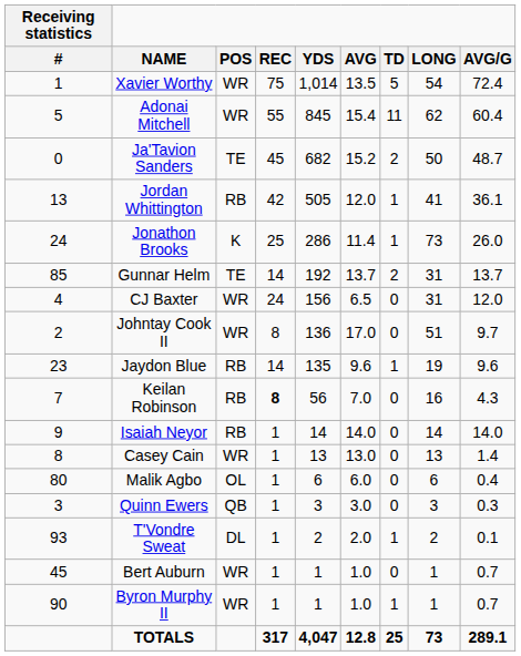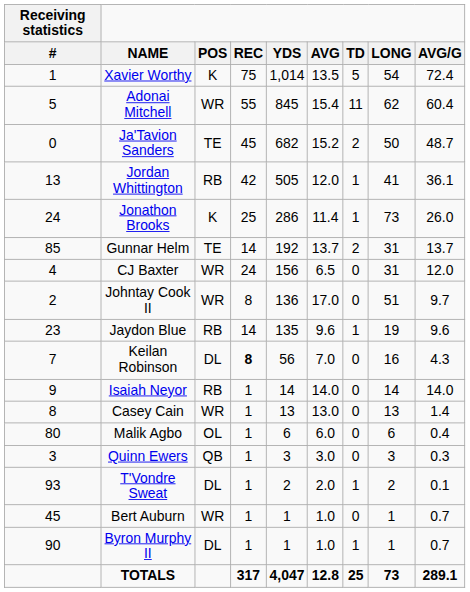 <table style="width:60%; text-align:center;" class="wikitable collapsible collapsed">
 <tr>
 <th style="text-align:center; ">Receiving statistics</th>
 </tr>
 <tr>
 <th>#</th>
 <th>NAME</th>
 <th>POS</th>
 <th>REC</th>
 <th>YDS</th>
 <th>AVG</th>
 <th>TD</th>
 <th>LONG</th>
 <th>AVG/G</th>
 </tr>
 <tr>
 <td>1</td>
 <td><a href='#'>Xavier Worthy</a></td>
-<td>WR</td>
+<td>K</td>
 <td>75</td>
 <td>1,014</td>
 <td>13.5</td>
 <td>5</td>
 <td>54</td>
 <td>72.4</td>
 </tr>
 <tr>
 <td>5</td>
 <td><a href='#'>Adonai Mitchell</a></td>
 <td>WR</td>
 <td>55</td>
 <td>845</td>
 <td>15.4</td>
 <td>11</td>
 <td>62</td>
 <td>60.4</td>
 </tr>
 <tr>
 <td>0</td>
 <td><a href='#'>Ja'Tavion Sanders</a></td>
 <td>TE</td>
 <td>45</td>
 <td>682</td>
 <td>15.2</td>
 <td>2</td>
 <td>50</td>
 <td>48.7</td>
 </tr>
 <tr>
 <td>13</td>
 <td><a href='#'>Jordan Whittington</a></td>
 <td>RB</td>
 <td>42</td>
 <td>505</td>
 <td>12.0</td>
 <td>1</td>
 <td>41</td>
 <td>36.1</td>
 </tr>
 <tr>
 <td>24</td>
 <td><a href='#'>Jonathon Brooks</a></td>
 <td>K</td>
 <td>25</td>
 <td>286</td>
 <td>11.4</td>
 <td>1</td>
 <td>73</td>
 <td>26.0</td>
 </tr>
 <tr>
 <td>85</td>
 <td>Gunnar Helm</td>
 <td>TE</td>
 <td>14</td>
 <td>192</td>
 <td>13.7</td>
 <td>2</td>
 <td>31</td>
 <td>13.7</td>
 </tr>
 <tr>
 <td>4</td>
 <td>CJ Baxter</td>
 <td>WR</td>
 <td>24</td>
 <td>156</td>
 <td>6.5</td>
 <td>0</td>
 <td>31</td>
 <td>12.0</td>
 </tr>
 <tr>
 <td>2</td>
 <td>Johntay Cook II</td>
 <td>WR</td>
 <td>8</td>
 <td>136</td>
 <td>17.0</td>
 <td>0</td>
 <td>51</td>
 <td>9.7</td>
 </tr>
 <tr>
 <td>23</td>
 <td>Jaydon Blue</td>
 <td>RB</td>
 <td>14</td>
 <td>135</td>
 <td>9.6</td>
 <td>1</td>
 <td>19</td>
 <td>9.6</td>
 </tr>
 <tr>
 <td>7</td>
 <td>Keilan Robinson</td>
-<td>RB</td>
+<td>DL</td>
 <td><strong>8</strong></td>
 <td>56</td>
 <td>7.0</td>
 <td>0</td>
 <td>16</td>
 <td>4.3</td>
 </tr>
 <tr>
 <td>9</td>
 <td><a href='#'>Isaiah Neyor</a></td>
 <td>RB</td>
 <td>1</td>
 <td>14</td>
 <td>14.0</td>
 <td>0</td>
 <td>14</td>
 <td>14.0</td>
 </tr>
 <tr>
 <td>8</td>
 <td>Casey Cain</td>
 <td>WR</td>
 <td>1</td>
 <td>13</td>
 <td>13.0</td>
 <td>0</td>
 <td>13</td>
 <td>1.4</td>
 </tr>
 <tr>
 <td>80</td>
 <td>Malik Agbo</td>
 <td>OL</td>
 <td>1</td>
 <td>6</td>
 <td>6.0</td>
 <td>0</td>
 <td>6</td>
 <td>0.4</td>
 </tr>
 <tr>
 <td>3</td>
 <td><a href='#'>Quinn Ewers</a></td>
 <td>QB</td>
 <td>1</td>
 <td>3</td>
 <td>3.0</td>
 <td>0</td>
 <td>3</td>
 <td>0.3</td>
 </tr>
 <tr>
 <td>93</td>
 <td><a href='#'>T'Vondre Sweat</a></td>
 <td>DL</td>
 <td>1</td>
 <td>2</td>
 <td>2.0</td>
 <td>1</td>
 <td>2</td>
 <td>0.1</td>
 </tr>
 <tr>
 <td>45</td>
 <td>Bert Auburn</td>
 <td>WR</td>
 <td>1</td>
 <td>1</td>
 <td>1.0</td>
 <td>0</td>
 <td>1</td>
 <td>0.7</td>
 </tr>
 <tr>
 <td>90</td>
 <td><a href='#'>Byron Murphy II</a></td>
-<td>WR</td>
+<td>DL</td>
 <td>1</td>
 <td>1</td>
 <td>1.0</td>
 <td>1</td>
 <td>1</td>
 <td>0.7</td>
 </tr>
 <tr>
 <td></td>
 <td><strong>TOTALS</strong></td>
 <td></td>
 <td><strong>317</strong></td>
 <td><strong>4,047</strong></td>
 <td><strong>12.8</strong></td>
 <td><strong>25</strong></td>
 <td><strong>73</strong></td>
 <td><strong>289.1</strong></td>
 </tr>
 </table>
